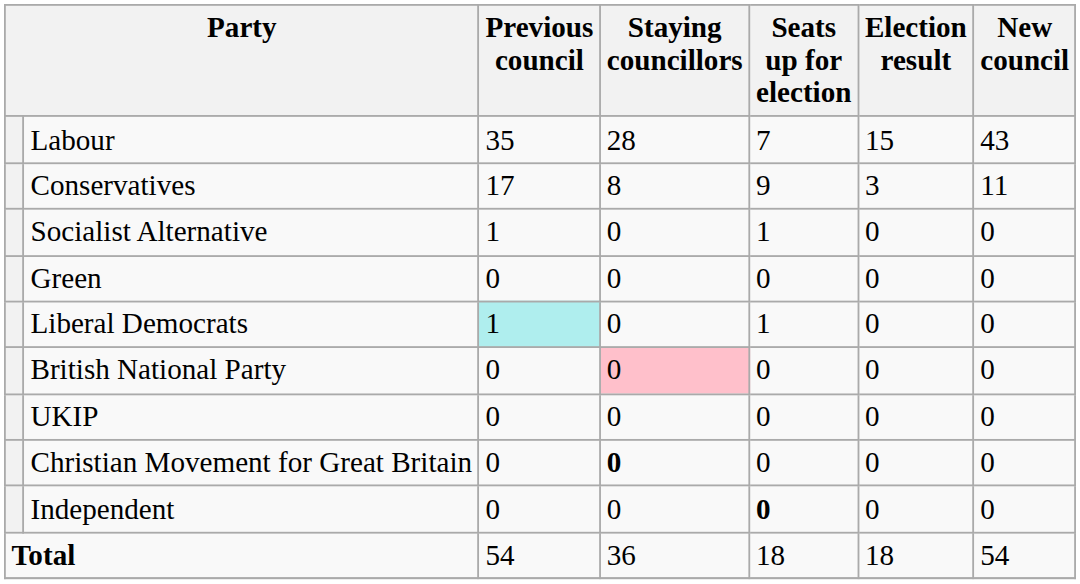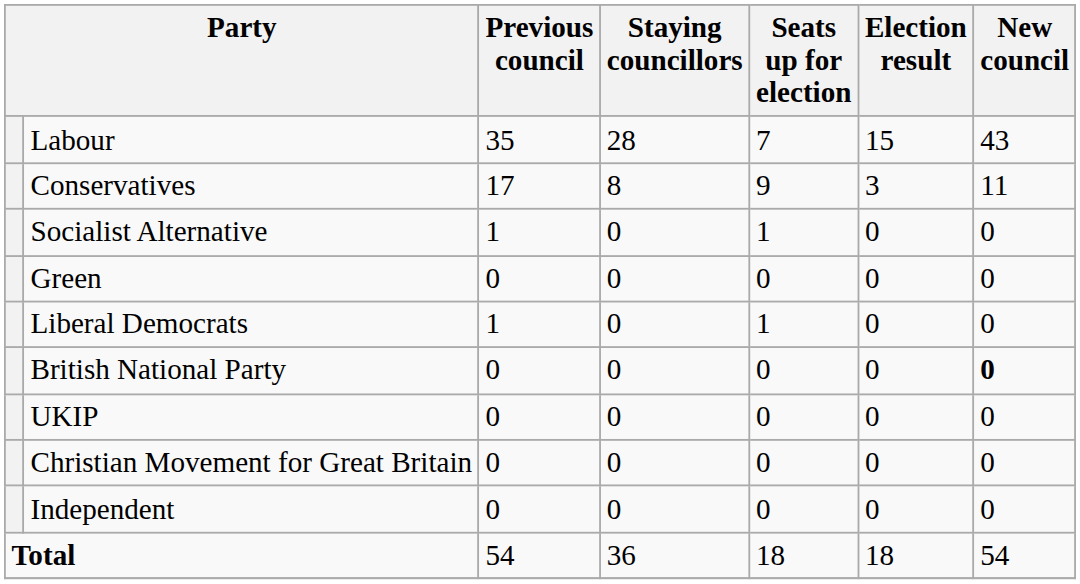 <table class="wikitable">
 <tr>
 <th valign=top colspan="2" style="width: 230px">Party</th>
 <th valign=top style="width: 30px">Previous council</th>
 <th valign=top style="width: 30px">Staying councillors</th>
 <th valign=top style="width: 30px">Seats up for election</th>
 <th valign=top style="width: 30px">Election result</th>
 <th valign=top style="width: 30px">New council</th>
 </tr>
 <tr>
 <th style="background-color: "></th>
 <td>Labour</td>
 <td>35</td>
 <td>28</td>
 <td>7</td>
 <td>15</td>
 <td>43</td>
 </tr>
 <tr>
 <th style="background-color: "></th>
 <td>Conservatives</td>
 <td>17</td>
 <td>8</td>
 <td>9</td>
 <td>3</td>
 <td>11</td>
 </tr>
 <tr>
 <th style="background-color: "></th>
 <td>Socialist Alternative</td>
 <td>1</td>
 <td>0</td>
 <td>1</td>
 <td>0</td>
 <td>0</td>
 </tr>
 <tr>
 <th style="background-color: "></th>
 <td>Green</td>
 <td>0</td>
 <td>0</td>
 <td>0</td>
 <td>0</td>
 <td>0</td>
 </tr>
 <tr>
 <th style="background-color: "></th>
 <td>Liberal Democrats</td>
-<td style="background: paleturquoise;">1</td>
+<td>1</td>
 <td>0</td>
 <td>1</td>
 <td>0</td>
 <td>0</td>
 </tr>
 <tr>
 <th style="background-color: "></th>
 <td>British National Party</td>
 <td>0</td>
-<td style="background: pink;">0</td>
 <td>0</td>
 <td>0</td>
 <td>0</td>
+<td><strong>0</strong></td>
 </tr>
 <tr>
 <th style="background-color: "></th>
 <td>UKIP</td>
 <td>0</td>
 <td>0</td>
 <td>0</td>
 <td>0</td>
 <td>0</td>
 </tr>
 <tr>
 <th style="width: 3px;"></th>
 <td>Christian Movement for Great Britain</td>
 <td>0</td>
-<td><strong>0</strong></td>
+<td>0</td>
 <td>0</td>
 <td>0</td>
 <td>0</td>
 </tr>
 <tr>
 <th style="background-color: "></th>
 <td>Independent</td>
 <td>0</td>
 <td>0</td>
-<td><strong>0</strong></td>
+<td>0</td>
 <td>0</td>
 <td>0</td>
 </tr>
 <tr>
 <td colspan="2"><strong>Total</strong></td>
 <td>54</td>
 <td>36</td>
 <td>18</td>
 <td>18</td>
 <td>54</td>
 </tr>
 <tr>
 </tr>
 </table>
